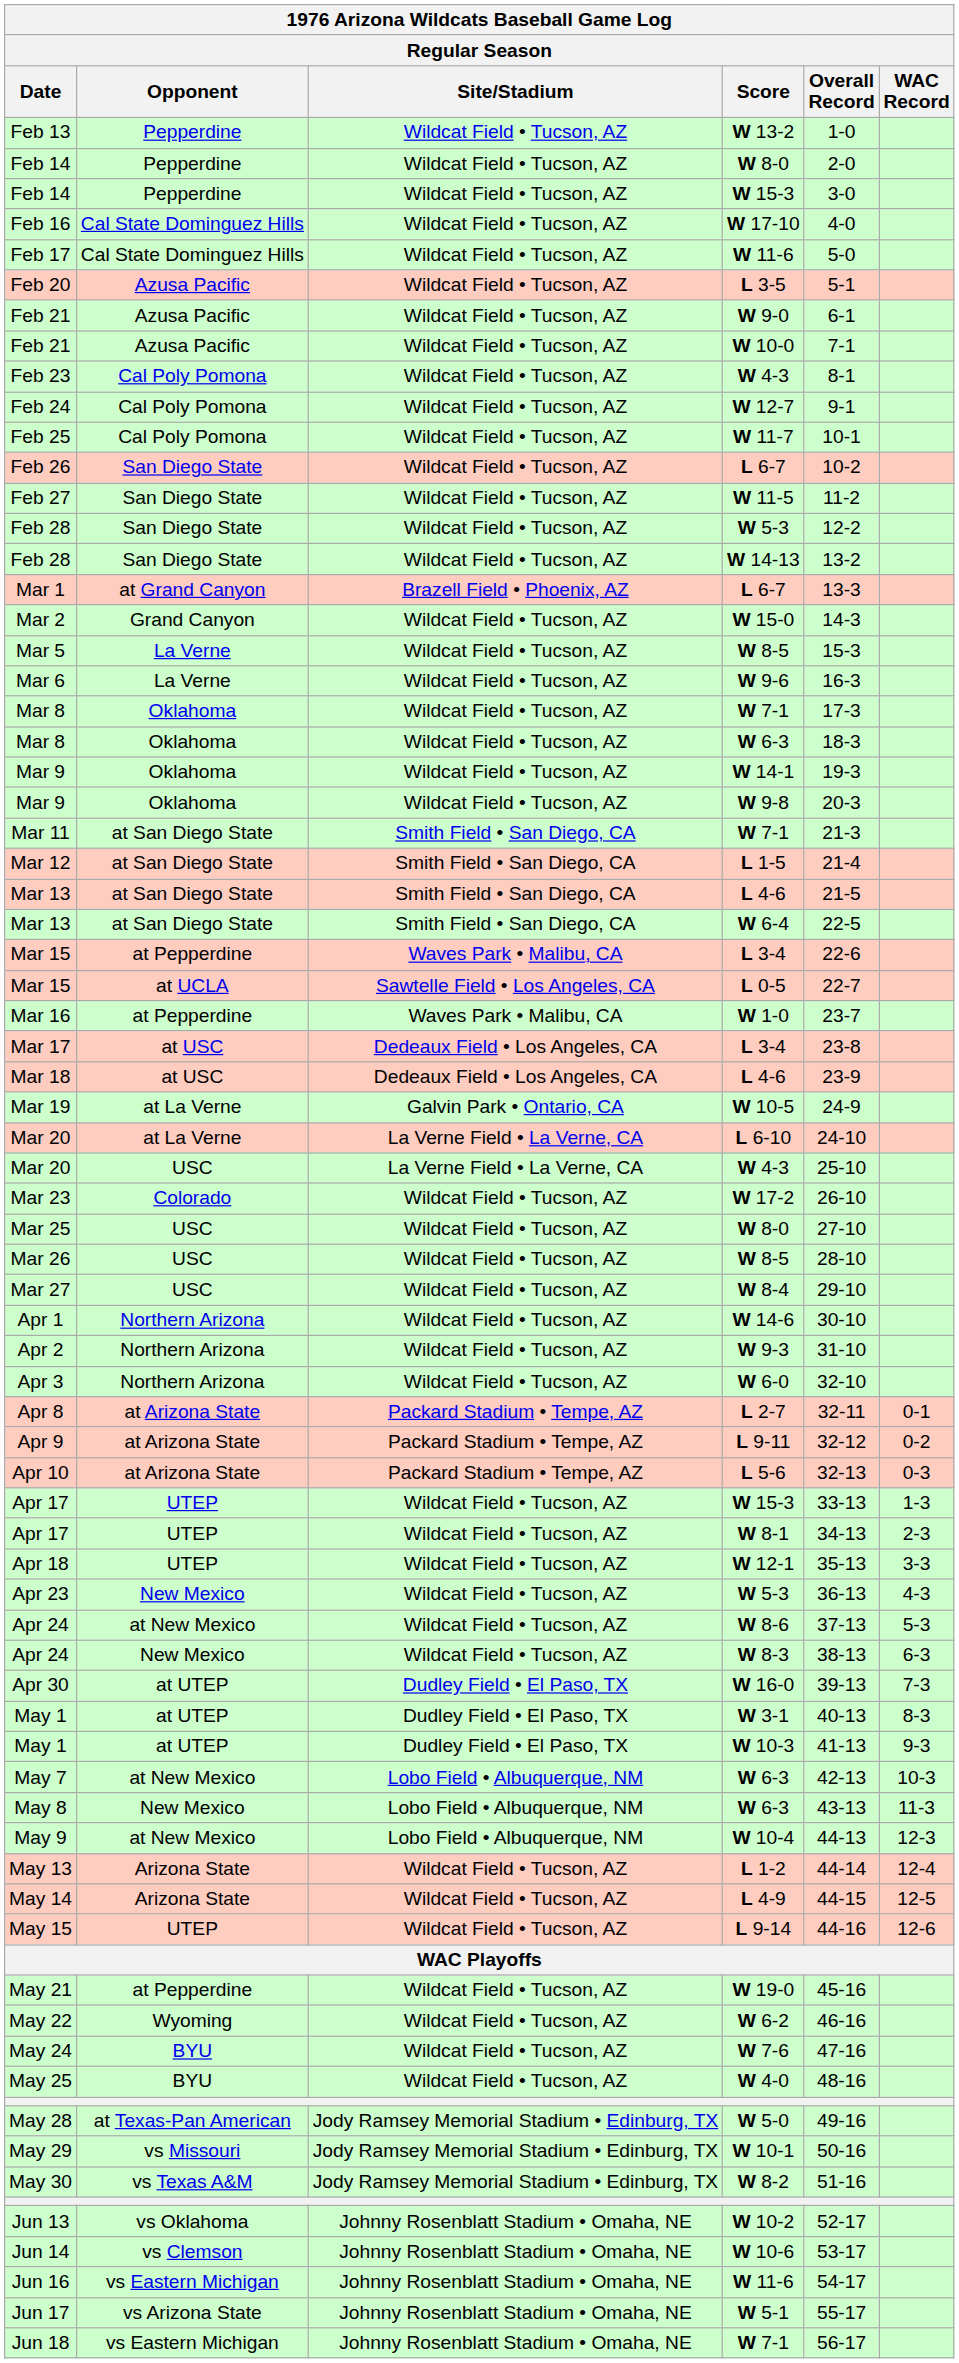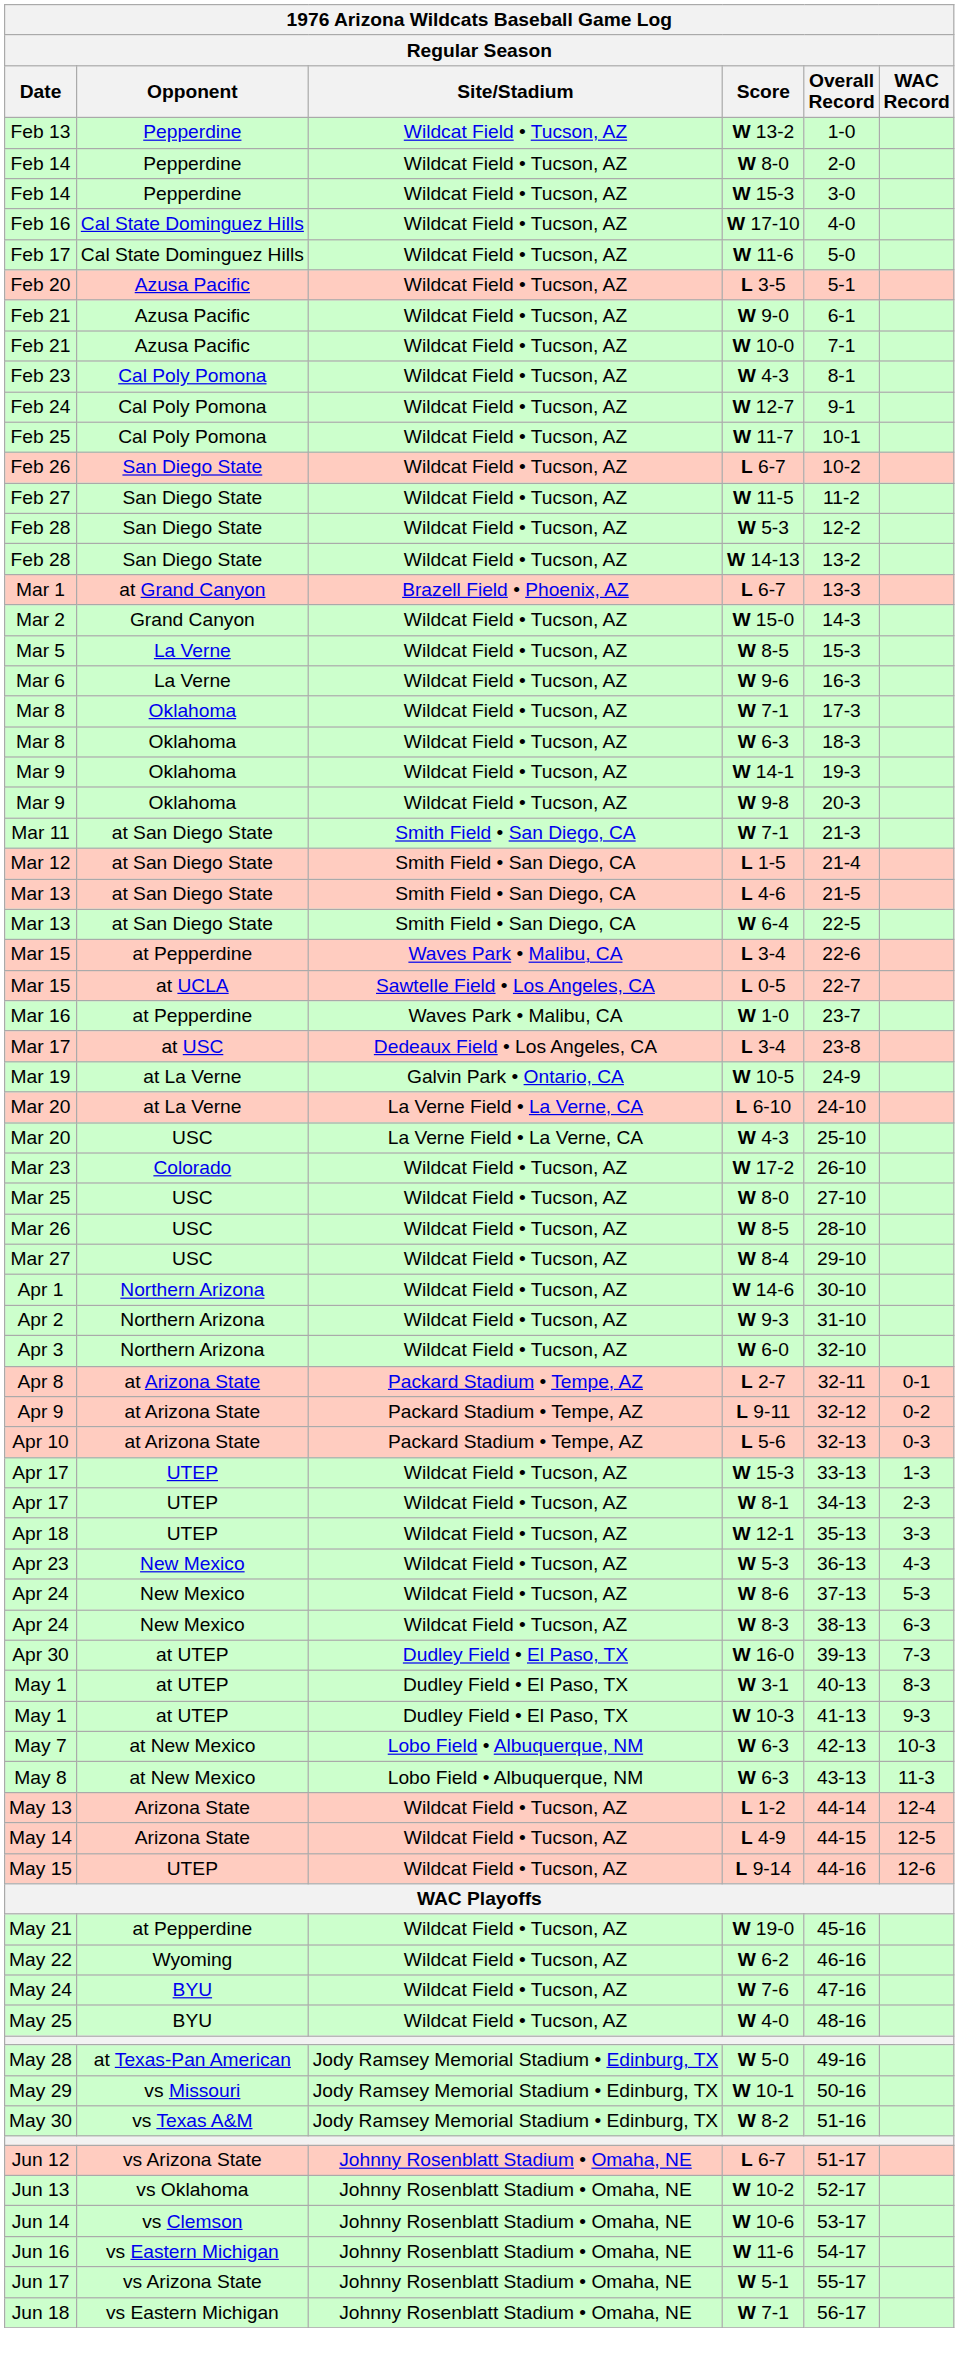 <table class="wikitable">
 <tr>
 <th colspan="6">1976 Arizona Wildcats Baseball Game Log</th>
 </tr>
 <tr>
 <th colspan="6">Regular Season</th>
 </tr>
 <tr>
 <th>Date</th>
 <th>Opponent</th>
 <th>Site/Stadium</th>
 <th>Score</th>
 <th>Overall<br>Record</th>
 <th>WAC<br>Record</th>
 </tr>
 <tr bgcolor="ccffcc" align="center">
 <td>Feb 13</td>
 <td><a href='#'>Pepperdine</a></td>
 <td><a href='#'>Wildcat Field</a> • <a href='#'>Tucson, AZ</a></td>
 <td><strong>W</strong> 13-2</td>
 <td>1-0</td>
 <td></td>
 </tr>
 <tr bgcolor="ccffcc" align="center">
 <td>Feb 14</td>
 <td>Pepperdine</td>
 <td>Wildcat Field • Tucson, AZ</td>
 <td><strong>W</strong> 8-0</td>
 <td>2-0</td>
 <td></td>
 </tr>
 <tr bgcolor="ccffcc" align="center">
 <td>Feb 14</td>
 <td>Pepperdine</td>
 <td>Wildcat Field • Tucson, AZ</td>
 <td><strong>W</strong> 15-3</td>
 <td>3-0</td>
 <td></td>
 </tr>
 <tr bgcolor="ccffcc" align="center">
 <td>Feb 16</td>
 <td><a href='#'>Cal State Dominguez Hills</a></td>
 <td>Wildcat Field • Tucson, AZ</td>
 <td><strong>W</strong> 17-10</td>
 <td>4-0</td>
 <td></td>
 </tr>
 <tr bgcolor="ccffcc" align="center">
 <td>Feb 17</td>
 <td>Cal State Dominguez Hills</td>
 <td>Wildcat Field • Tucson, AZ</td>
 <td><strong>W</strong> 11-6</td>
 <td>5-0</td>
 <td></td>
 </tr>
 <tr bgcolor="ffccc" align="center">
 <td>Feb 20</td>
 <td><a href='#'>Azusa Pacific</a></td>
 <td>Wildcat Field • Tucson, AZ</td>
 <td><strong>L</strong> 3-5</td>
 <td>5-1</td>
 <td></td>
 </tr>
 <tr bgcolor="ccffcc" align="center">
 <td>Feb 21</td>
 <td>Azusa Pacific</td>
 <td>Wildcat Field • Tucson, AZ</td>
 <td><strong>W</strong> 9-0</td>
 <td>6-1</td>
 <td></td>
 </tr>
 <tr bgcolor="ccffcc" align="center">
 <td>Feb 21</td>
 <td>Azusa Pacific</td>
 <td>Wildcat Field • Tucson, AZ</td>
 <td><strong>W</strong> 10-0</td>
 <td>7-1</td>
 <td></td>
 </tr>
 <tr bgcolor="ccffcc" align="center">
 <td>Feb 23</td>
 <td><a href='#'>Cal Poly Pomona</a></td>
 <td>Wildcat Field • Tucson, AZ</td>
 <td><strong>W</strong> 4-3</td>
 <td>8-1</td>
 <td></td>
 </tr>
 <tr bgcolor="ccffcc" align="center">
 <td>Feb 24</td>
 <td>Cal Poly Pomona</td>
 <td>Wildcat Field • Tucson, AZ</td>
 <td><strong>W</strong> 12-7</td>
 <td>9-1</td>
 <td></td>
 </tr>
 <tr bgcolor="ccffcc" align="center">
 <td>Feb 25</td>
 <td>Cal Poly Pomona</td>
 <td>Wildcat Field • Tucson, AZ</td>
 <td><strong>W</strong> 11-7</td>
 <td>10-1</td>
 <td></td>
 </tr>
 <tr bgcolor="ffccc" align="center">
 <td>Feb 26</td>
 <td><a href='#'>San Diego State</a></td>
 <td>Wildcat Field • Tucson, AZ</td>
 <td><strong>L</strong> 6-7</td>
 <td>10-2</td>
 <td></td>
 </tr>
 <tr bgcolor="ccffcc" align="center">
 <td>Feb 27</td>
 <td>San Diego State</td>
 <td>Wildcat Field • Tucson, AZ</td>
 <td><strong>W</strong> 11-5</td>
 <td>11-2</td>
 <td></td>
 </tr>
 <tr bgcolor="ccffcc" align="center">
 <td>Feb 28</td>
 <td>San Diego State</td>
 <td>Wildcat Field • Tucson, AZ</td>
 <td><strong>W</strong> 5-3</td>
 <td>12-2</td>
 <td></td>
 </tr>
 <tr bgcolor="ccffcc" align="center">
 <td>Feb 28</td>
 <td>San Diego State</td>
 <td>Wildcat Field • Tucson, AZ</td>
 <td><strong>W</strong> 14-13</td>
 <td>13-2</td>
 <td></td>
 </tr>
 <tr bgcolor="ffccc" align="center">
 <td>Mar 1</td>
 <td>at <a href='#'>Grand Canyon</a></td>
 <td><a href='#'>Brazell Field</a> • <a href='#'>Phoenix, AZ</a></td>
 <td><strong>L</strong> 6-7</td>
 <td>13-3</td>
 <td></td>
 </tr>
 <tr bgcolor="ccffcc" align="center">
 <td>Mar 2</td>
 <td>Grand Canyon</td>
 <td>Wildcat Field • Tucson, AZ</td>
 <td><strong>W</strong> 15-0</td>
 <td>14-3</td>
 <td></td>
 </tr>
 <tr bgcolor="ccffcc" align="center">
 <td>Mar 5</td>
 <td><a href='#'>La Verne</a></td>
 <td>Wildcat Field • Tucson, AZ</td>
 <td><strong>W</strong> 8-5</td>
 <td>15-3</td>
 <td></td>
 </tr>
 <tr bgcolor="ccffcc" align="center">
 <td>Mar 6</td>
 <td>La Verne</td>
 <td>Wildcat Field • Tucson, AZ</td>
 <td><strong>W</strong> 9-6</td>
 <td>16-3</td>
 <td></td>
 </tr>
 <tr bgcolor="ccffcc" align="center">
 <td>Mar 8</td>
 <td><a href='#'>Oklahoma</a></td>
 <td>Wildcat Field • Tucson, AZ</td>
 <td><strong>W</strong> 7-1</td>
 <td>17-3</td>
 <td></td>
 </tr>
 <tr bgcolor="ccffcc" align="center">
 <td>Mar 8</td>
 <td>Oklahoma</td>
 <td>Wildcat Field • Tucson, AZ</td>
 <td><strong>W</strong> 6-3</td>
 <td>18-3</td>
 <td></td>
 </tr>
 <tr bgcolor="ccffcc" align="center">
 <td>Mar 9</td>
 <td>Oklahoma</td>
 <td>Wildcat Field • Tucson, AZ</td>
 <td><strong>W</strong> 14-1</td>
 <td>19-3</td>
 <td></td>
 </tr>
 <tr bgcolor="ccffcc" align="center">
 <td>Mar 9</td>
 <td>Oklahoma</td>
 <td>Wildcat Field • Tucson, AZ</td>
 <td><strong>W</strong> 9-8</td>
 <td>20-3</td>
 <td></td>
 </tr>
 <tr bgcolor="ccffcc" align="center">
 <td>Mar 11</td>
 <td>at San Diego State</td>
 <td><a href='#'>Smith Field</a> • <a href='#'>San Diego, CA</a></td>
 <td><strong>W</strong> 7-1</td>
 <td>21-3</td>
 <td></td>
 </tr>
 <tr bgcolor="ffccc" align="center">
 <td>Mar 12</td>
 <td>at San Diego State</td>
 <td>Smith Field • San Diego, CA</td>
 <td><strong>L</strong> 1-5</td>
 <td>21-4</td>
 <td></td>
 </tr>
 <tr bgcolor="ffccc" align="center">
 <td>Mar 13</td>
 <td>at San Diego State</td>
 <td>Smith Field • San Diego, CA</td>
 <td><strong>L</strong> 4-6</td>
 <td>21-5</td>
 <td></td>
 </tr>
 <tr bgcolor="ccffcc" align="center">
 <td>Mar 13</td>
 <td>at San Diego State</td>
 <td>Smith Field • San Diego, CA</td>
 <td><strong>W</strong> 6-4</td>
 <td>22-5</td>
 <td></td>
 </tr>
 <tr bgcolor="ffccc" align="center">
 <td>Mar 15</td>
 <td>at Pepperdine</td>
 <td><a href='#'>Waves Park</a> • <a href='#'>Malibu, CA</a></td>
 <td><strong>L</strong> 3-4</td>
 <td>22-6</td>
 <td></td>
 </tr>
 <tr bgcolor="ffccc" align="center">
 <td>Mar 15</td>
 <td>at <a href='#'>UCLA</a></td>
 <td><a href='#'>Sawtelle Field</a> • <a href='#'>Los Angeles, CA</a></td>
 <td><strong>L</strong> 0-5</td>
 <td>22-7</td>
 <td></td>
 </tr>
 <tr bgcolor="ccffcc" align="center">
 <td>Mar 16</td>
 <td>at Pepperdine</td>
 <td>Waves Park • Malibu, CA</td>
 <td><strong>W</strong> 1-0</td>
 <td>23-7</td>
 <td></td>
 </tr>
 <tr bgcolor="ffccc" align="center">
 <td>Mar 17</td>
 <td>at <a href='#'>USC</a></td>
 <td><a href='#'>Dedeaux Field</a> • Los Angeles, CA</td>
 <td><strong>L</strong> 3-4</td>
 <td>23-8</td>
 <td></td>
 </tr>
-<tr bgcolor="ffccc" align="center">
-<td>Mar 18</td>
-<td>at USC</td>
-<td>Dedeaux Field • Los Angeles, CA</td>
-<td><strong>L</strong> 4-6</td>
-<td>23-9</td>
-<td></td>
-</tr>
 <tr bgcolor="ccffcc" align="center">
 <td>Mar 19</td>
 <td>at La Verne</td>
 <td>Galvin Park • <a href='#'>Ontario, CA</a></td>
 <td><strong>W</strong> 10-5</td>
 <td>24-9</td>
 <td></td>
 </tr>
 <tr bgcolor="ffccc" align="center">
 <td>Mar 20</td>
 <td>at La Verne</td>
 <td>La Verne Field • <a href='#'>La Verne, CA</a></td>
 <td><strong>L</strong> 6-10</td>
 <td>24-10</td>
 <td></td>
 </tr>
 <tr bgcolor="ccffcc" align="center">
 <td>Mar 20</td>
 <td>USC</td>
 <td>La Verne Field • La Verne, CA</td>
 <td><strong>W</strong> 4-3</td>
 <td>25-10</td>
 <td></td>
 </tr>
 <tr bgcolor="ccffcc" align="center">
 <td>Mar 23</td>
 <td><a href='#'>Colorado</a></td>
 <td>Wildcat Field • Tucson, AZ</td>
 <td><strong>W</strong> 17-2</td>
 <td>26-10</td>
 <td></td>
 </tr>
 <tr bgcolor="ccffcc" align="center">
 <td>Mar 25</td>
 <td>USC</td>
 <td>Wildcat Field • Tucson, AZ</td>
 <td><strong>W</strong> 8-0</td>
 <td>27-10</td>
 <td></td>
 </tr>
 <tr bgcolor="ccffcc" align="center">
 <td>Mar 26</td>
 <td>USC</td>
 <td>Wildcat Field • Tucson, AZ</td>
 <td><strong>W</strong> 8-5</td>
 <td>28-10</td>
 <td></td>
 </tr>
 <tr bgcolor="ccffcc" align="center">
 <td>Mar 27</td>
 <td>USC</td>
 <td>Wildcat Field • Tucson, AZ</td>
 <td><strong>W</strong> 8-4</td>
 <td>29-10</td>
 <td></td>
 </tr>
 <tr bgcolor="ccffcc" align="center">
 <td>Apr 1</td>
 <td><a href='#'>Northern Arizona</a></td>
 <td>Wildcat Field • Tucson, AZ</td>
 <td><strong>W</strong> 14-6</td>
 <td>30-10</td>
 <td></td>
 </tr>
 <tr bgcolor="ccffcc" align="center">
 <td>Apr 2</td>
 <td>Northern Arizona</td>
 <td>Wildcat Field • Tucson, AZ</td>
 <td><strong>W</strong> 9-3</td>
 <td>31-10</td>
 <td></td>
 </tr>
 <tr bgcolor="ccffcc" align="center">
 <td>Apr 3</td>
 <td>Northern Arizona</td>
 <td>Wildcat Field • Tucson, AZ</td>
 <td><strong>W</strong> 6-0</td>
 <td>32-10</td>
 <td></td>
 </tr>
 <tr bgcolor="ffccc" align="center">
 <td>Apr 8</td>
 <td>at <a href='#'>Arizona State</a></td>
 <td><a href='#'>Packard Stadium</a> • <a href='#'>Tempe, AZ</a></td>
 <td><strong>L</strong> 2-7</td>
 <td>32-11</td>
 <td>0-1</td>
 </tr>
 <tr bgcolor="ffccc" align="center">
 <td>Apr 9</td>
 <td>at Arizona State</td>
 <td>Packard Stadium • Tempe, AZ</td>
 <td><strong>L</strong> 9-11</td>
 <td>32-12</td>
 <td>0-2</td>
 </tr>
 <tr bgcolor="ffccc" align="center">
 <td>Apr 10</td>
 <td>at Arizona State</td>
 <td>Packard Stadium • Tempe, AZ</td>
 <td><strong>L</strong> 5-6</td>
 <td>32-13</td>
 <td>0-3</td>
 </tr>
 <tr bgcolor="ccffcc" align="center">
 <td>Apr 17</td>
 <td><a href='#'>UTEP</a></td>
 <td>Wildcat Field • Tucson, AZ</td>
 <td><strong>W</strong> 15-3</td>
 <td>33-13</td>
 <td>1-3</td>
 </tr>
 <tr bgcolor="ccffcc" align="center">
 <td>Apr 17</td>
 <td>UTEP</td>
 <td>Wildcat Field • Tucson, AZ</td>
 <td><strong>W</strong> 8-1</td>
 <td>34-13</td>
 <td>2-3</td>
 </tr>
 <tr bgcolor="ccffcc" align="center">
 <td>Apr 18</td>
 <td>UTEP</td>
 <td>Wildcat Field • Tucson, AZ</td>
 <td><strong>W</strong> 12-1</td>
 <td>35-13</td>
 <td>3-3</td>
 </tr>
 <tr bgcolor="ccffcc" align="center">
 <td>Apr 23</td>
 <td><a href='#'>New Mexico</a></td>
 <td>Wildcat Field • Tucson, AZ</td>
 <td><strong>W</strong> 5-3</td>
 <td>36-13</td>
 <td>4-3</td>
 </tr>
 <tr bgcolor="ccffcc" align="center">
 <td>Apr 24</td>
-<td>at New Mexico</td>
+<td>New Mexico</td>
 <td>Wildcat Field • Tucson, AZ</td>
 <td><strong>W</strong> 8-6</td>
 <td>37-13</td>
 <td>5-3</td>
 </tr>
 <tr bgcolor="ccffcc" align="center">
 <td>Apr 24</td>
 <td>New Mexico</td>
 <td>Wildcat Field • Tucson, AZ</td>
 <td><strong>W</strong> 8-3</td>
 <td>38-13</td>
 <td>6-3</td>
 </tr>
 <tr bgcolor="ccffcc" align="center">
 <td>Apr 30</td>
 <td>at UTEP</td>
 <td><a href='#'>Dudley Field</a> • <a href='#'>El Paso, TX</a></td>
 <td><strong>W</strong> 16-0</td>
 <td>39-13</td>
 <td>7-3</td>
 </tr>
 <tr bgcolor="ccffcc" align="center">
 <td>May 1</td>
 <td>at UTEP</td>
 <td>Dudley Field • El Paso, TX</td>
 <td><strong>W</strong> 3-1</td>
 <td>40-13</td>
 <td>8-3</td>
 </tr>
 <tr bgcolor="ccffcc" align="center">
 <td>May 1</td>
 <td>at UTEP</td>
 <td>Dudley Field • El Paso, TX</td>
 <td><strong>W</strong> 10-3</td>
 <td>41-13</td>
 <td>9-3</td>
 </tr>
 <tr bgcolor="ccffcc" align="center">
 <td>May 7</td>
 <td>at New Mexico</td>
 <td><a href='#'>Lobo Field</a> • <a href='#'>Albuquerque, NM</a></td>
 <td><strong>W</strong> 6-3</td>
 <td>42-13</td>
 <td>10-3</td>
 </tr>
 <tr bgcolor="ccffcc" align="center">
 <td>May 8</td>
-<td>New Mexico</td>
+<td>at New Mexico</td>
 <td>Lobo Field • Albuquerque, NM</td>
 <td><strong>W</strong> 6-3</td>
 <td>43-13</td>
 <td>11-3</td>
-</tr>
-<tr bgcolor="ccffcc" align="center">
-<td>May 9</td>
-<td>at New Mexico</td>
-<td>Lobo Field • Albuquerque, NM</td>
-<td><strong>W</strong> 10-4</td>
-<td>44-13</td>
-<td>12-3</td>
 </tr>
 <tr bgcolor="ffccc" align="center">
 <td>May 13</td>
 <td>Arizona State</td>
 <td>Wildcat Field • Tucson, AZ</td>
 <td><strong>L</strong> 1-2</td>
 <td>44-14</td>
 <td>12-4</td>
 </tr>
 <tr bgcolor="ffccc" align="center">
 <td>May 14</td>
 <td>Arizona State</td>
 <td>Wildcat Field • Tucson, AZ</td>
 <td><strong>L</strong> 4-9</td>
 <td>44-15</td>
 <td>12-5</td>
 </tr>
 <tr bgcolor="ffccc" align="center">
 <td>May 15</td>
 <td>UTEP</td>
 <td>Wildcat Field • Tucson, AZ</td>
 <td><strong>L</strong> 9-14</td>
 <td>44-16</td>
 <td>12-6</td>
 </tr>
 <tr>
 <th colspan="6">WAC Playoffs</th>
 </tr>
 <tr bgcolor="ccffcc" align="center">
 <td>May 21</td>
 <td>at Pepperdine</td>
 <td>Wildcat Field • Tucson, AZ</td>
 <td><strong>W</strong> 19-0</td>
 <td>45-16</td>
 <td></td>
 </tr>
 <tr bgcolor="ccffcc" align="center">
 <td>May 22</td>
 <td>Wyoming</td>
 <td>Wildcat Field • Tucson, AZ</td>
 <td><strong>W</strong> 6-2</td>
 <td>46-16</td>
 <td></td>
 </tr>
 <tr bgcolor="ccffcc" align="center">
 <td>May 24</td>
 <td><a href='#'>BYU</a></td>
 <td>Wildcat Field • Tucson, AZ</td>
 <td><strong>W</strong> 7-6</td>
 <td>47-16</td>
 <td></td>
 </tr>
 <tr bgcolor="ccffcc" align="center">
 <td>May 25</td>
 <td>BYU</td>
 <td>Wildcat Field • Tucson, AZ</td>
 <td><strong>W</strong> 4-0</td>
 <td>48-16</td>
 <td></td>
 </tr>
 <tr>
 <th colspan="6"><a href='#'></a></th>
 </tr>
 <tr bgcolor="ccffcc" align="center">
 <td>May 28</td>
 <td>at <a href='#'>Texas-Pan American</a></td>
 <td>Jody Ramsey Memorial Stadium • <a href='#'>Edinburg, TX</a></td>
 <td><strong>W</strong> 5-0</td>
 <td>49-16</td>
 <td></td>
 </tr>
 <tr bgcolor="ccffcc" align="center">
 <td>May 29</td>
 <td>vs <a href='#'>Missouri</a></td>
 <td>Jody Ramsey Memorial Stadium • Edinburg, TX</td>
 <td><strong>W</strong> 10-1</td>
 <td>50-16</td>
 <td></td>
 </tr>
 <tr bgcolor="ccffcc" align="center">
 <td>May 30</td>
 <td>vs <a href='#'>Texas A&M</a></td>
 <td>Jody Ramsey Memorial Stadium • Edinburg, TX</td>
 <td><strong>W</strong> 8-2</td>
 <td>51-16</td>
 <td></td>
 </tr>
 <tr>
 <th colspan="6"><a href='#'></a></th>
 </tr>
+<tr bgcolor="ffccc" align="center">
+<td>Jun 12</td>
+<td>vs Arizona State</td>
+<td><a href='#'>Johnny Rosenblatt Stadium</a> • <a href='#'>Omaha, NE</a></td>
+<td><strong>L</strong> 6-7</td>
+<td>51-17</td>
+<td></td>
+</tr>
 <tr bgcolor="ccffcc" align="center">
 <td>Jun 13</td>
 <td>vs Oklahoma</td>
 <td>Johnny Rosenblatt Stadium • Omaha, NE</td>
 <td><strong>W</strong> 10-2</td>
 <td>52-17</td>
 <td></td>
 </tr>
 <tr bgcolor="ccffcc" align="center">
 <td>Jun 14</td>
 <td>vs <a href='#'>Clemson</a></td>
 <td>Johnny Rosenblatt Stadium • Omaha, NE</td>
 <td><strong>W</strong> 10-6</td>
 <td>53-17</td>
 <td></td>
 </tr>
 <tr bgcolor="ccffcc" align="center">
 <td>Jun 16</td>
 <td>vs <a href='#'>Eastern Michigan</a></td>
 <td>Johnny Rosenblatt Stadium • Omaha, NE</td>
 <td><strong>W</strong> 11-6</td>
 <td>54-17</td>
 <td></td>
 </tr>
 <tr bgcolor="ccffcc" align="center">
 <td>Jun 17</td>
 <td>vs Arizona State</td>
 <td>Johnny Rosenblatt Stadium • Omaha, NE</td>
 <td><strong>W</strong> 5-1</td>
 <td>55-17</td>
 <td></td>
 </tr>
 <tr bgcolor="ccffcc" align="center">
 <td>Jun 18</td>
 <td>vs Eastern Michigan</td>
 <td>Johnny Rosenblatt Stadium • Omaha, NE</td>
 <td><strong>W</strong> 7-1</td>
 <td>56-17</td>
 <td></td>
 </tr>
 </table>
